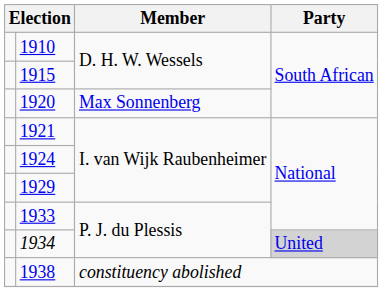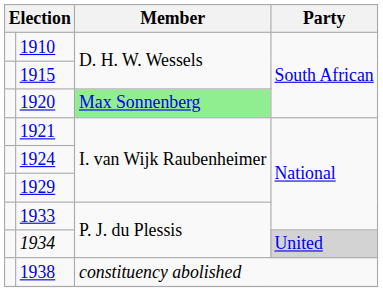 <table class="wikitable">
 <tr>
 <th colspan="2">Election</th>
 <th>Member</th>
 <th>Party</th>
 </tr>
 <tr>
 <td style="background-color: "></td>
 <td><a href='#'>1910</a></td>
 <td rowspan="2">D. H. W. Wessels</td>
 <td rowspan="3"><a href='#'>South African</a></td>
 </tr>
 <tr>
 <td style="background-color: "></td>
 <td><a href='#'>1915</a></td>
 </tr>
 <tr>
 <td style="background-color: "></td>
 <td><a href='#'>1920</a></td>
-<td><a href='#'>Max Sonnenberg</a></td>
+<td style="background: lightgreen;"><a href='#'>Max Sonnenberg</a></td>
 </tr>
 <tr>
 <td style="background-color: "></td>
 <td><a href='#'>1921</a></td>
 <td rowspan="3">I. van Wijk Raubenheimer</td>
 <td rowspan="4"><a href='#'>National</a></td>
 </tr>
 <tr>
 <td style="background-color: "></td>
 <td><a href='#'>1924</a></td>
 </tr>
 <tr>
 <td style="background-color: "></td>
 <td><a href='#'>1929</a></td>
 </tr>
 <tr>
 <td style="background-color: "></td>
 <td><a href='#'>1933</a></td>
 <td rowspan="2">P. J. du Plessis</td>
 </tr>
 <tr>
 <td style="background-color: "></td>
 <td><em>1934</em></td>
 <td style="background: lightgrey;"><a href='#'>United</a></td>
 </tr>
 <tr>
 <td style="background-color: "></td>
 <td><a href='#'>1938</a></td>
 <td colspan="2"><em>constituency abolished</em></td>
 </tr>
 <tr>
 </tr>
 </table>
